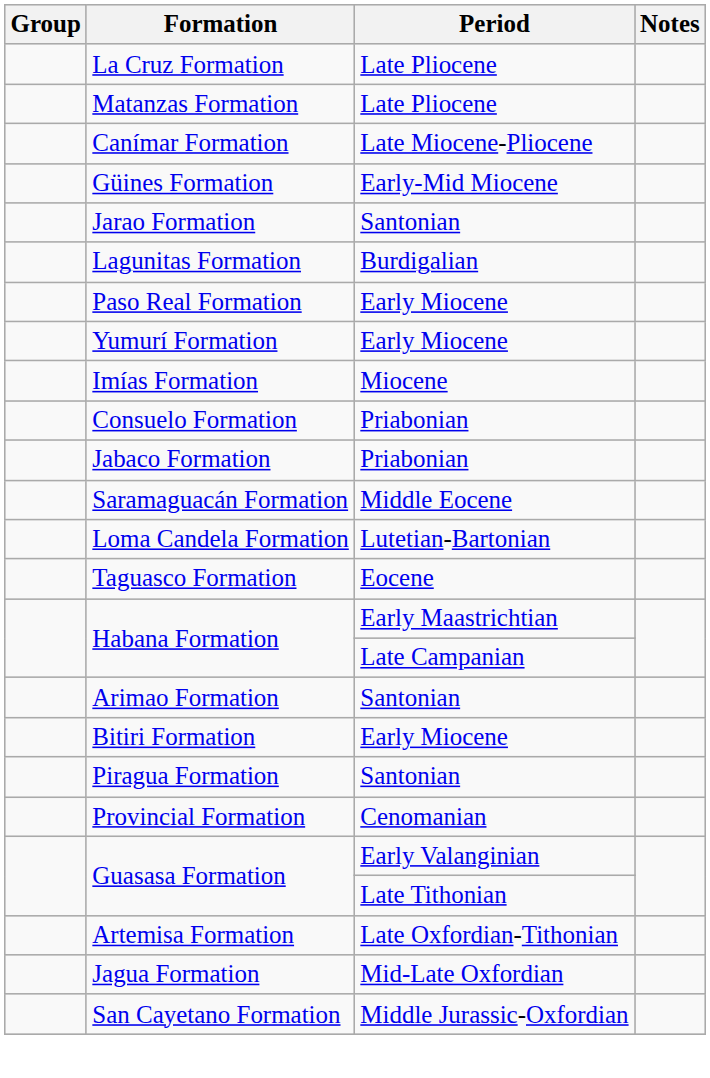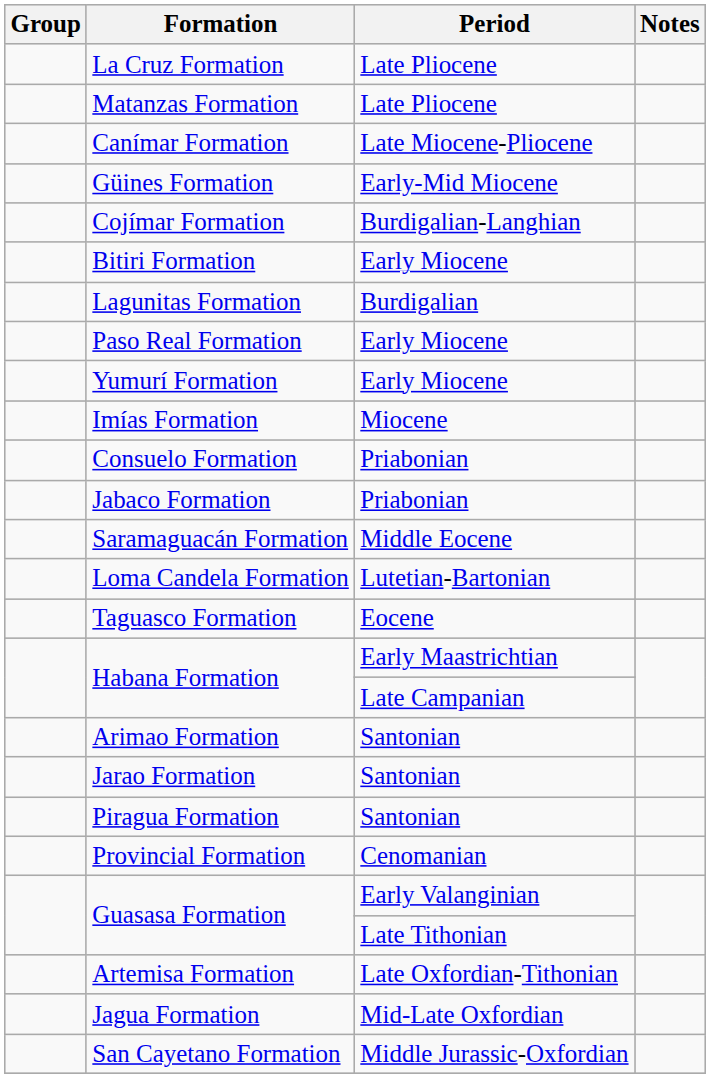 <table class="wikitable sortable">
 <tr>
 <th>Group</th>
 <th>Formation</th>
 <th>Period</th>
 <th class="unsortable">Notes</th>
 </tr>
 <tr>
 <td></td>
 <td><a href='#'>La Cruz Formation</a></td>
 <td style="background-color: "><a href='#'>Late Pliocene</a></td>
 <td align=center></td>
 </tr>
 <tr>
 <td></td>
 <td><a href='#'>Matanzas Formation</a></td>
 <td style="background-color: "><a href='#'>Late Pliocene</a></td>
 <td align=center></td>
 </tr>
 <tr>
 <td></td>
 <td><a href='#'>Canímar Formation</a></td>
 <td style="background-color: "><a href='#'>Late Miocene</a>-<a href='#'>Pliocene</a></td>
 <td align=center></td>
 </tr>
 <tr>
 <td></td>
 <td><a href='#'>Güines Formation</a></td>
 <td style="background-color: "><a href='#'>Early-Mid Miocene</a></td>
 <td align=center></td>
 </tr>
 <tr>
 <td></td>
-<td><a href='#'>Jarao Formation</a></td>
-<td style="background-color: "><a href='#'>Santonian</a></td>
+<td><a href='#'>Cojímar Formation</a></td>
+<td style="background-color: "><a href='#'>Burdigalian</a>-<a href='#'>Langhian</a></td>
+<td align=center></td>
+</tr>
+<tr>
+<td></td>
+<td><a href='#'>Bitiri Formation</a></td>
+<td style="background-color: "><a href='#'>Early Miocene</a></td>
 <td align=center></td>
 </tr>
 <tr>
 <td></td>
 <td><a href='#'>Lagunitas Formation</a></td>
 <td style="background-color: "><a href='#'>Burdigalian</a></td>
 <td align=center></td>
 </tr>
 <tr>
 <td></td>
 <td><a href='#'>Paso Real Formation</a></td>
 <td style="background-color: "><a href='#'>Early Miocene</a></td>
 <td align=center></td>
 </tr>
 <tr>
 <td></td>
 <td><a href='#'>Yumurí Formation</a></td>
 <td style="background-color: "><a href='#'>Early Miocene</a></td>
 <td align=center></td>
 </tr>
 <tr>
 <td></td>
 <td><a href='#'>Imías Formation</a></td>
 <td style="background-color: "><a href='#'>Miocene</a></td>
 <td align=center></td>
 </tr>
 <tr>
 <td></td>
 <td><a href='#'>Consuelo Formation</a></td>
 <td style="background-color: "><a href='#'>Priabonian</a></td>
 <td align=center></td>
 </tr>
 <tr>
 <td></td>
 <td><a href='#'>Jabaco Formation</a></td>
 <td style="background-color: "><a href='#'>Priabonian</a></td>
 <td align=center></td>
 </tr>
 <tr>
 <td></td>
 <td><a href='#'>Saramaguacán Formation</a></td>
 <td style="background-color: "><a href='#'>Middle Eocene</a></td>
 <td align=center></td>
 </tr>
 <tr>
 <td></td>
 <td><a href='#'>Loma Candela Formation</a></td>
 <td style="background-color: "><a href='#'>Lutetian</a>-<a href='#'>Bartonian</a></td>
 <td align=center></td>
 </tr>
 <tr>
 <td></td>
 <td><a href='#'>Taguasco Formation</a></td>
 <td style="background-color: "><a href='#'>Eocene</a></td>
 <td align=center></td>
 </tr>
 <tr>
 <td rowspan=2></td>
 <td rowspan=2><a href='#'>Habana Formation</a></td>
 <td style="background-color: "><a href='#'>Early Maastrichtian</a></td>
 <td align=center rowspan=2></td>
 </tr>
 <tr>
 <td style="background-color: "><a href='#'>Late Campanian</a></td>
 </tr>
 <tr>
 <td></td>
 <td><a href='#'>Arimao Formation</a></td>
 <td style="background-color: "><a href='#'>Santonian</a></td>
 <td align=center></td>
 </tr>
 <tr>
 <td></td>
-<td><a href='#'>Bitiri Formation</a></td>
-<td style="background-color: "><a href='#'>Early Miocene</a></td>
+<td><a href='#'>Jarao Formation</a></td>
+<td style="background-color: "><a href='#'>Santonian</a></td>
 <td align=center></td>
 </tr>
 <tr>
 <td></td>
 <td><a href='#'>Piragua Formation</a></td>
 <td style="background-color: "><a href='#'>Santonian</a></td>
 <td align=center></td>
 </tr>
 <tr>
 <td></td>
 <td><a href='#'>Provincial Formation</a></td>
 <td style="background-color: "><a href='#'>Cenomanian</a></td>
 <td align=center></td>
 </tr>
 <tr>
 <td rowspan=2></td>
 <td rowspan=2><a href='#'>Guasasa Formation</a></td>
 <td style="background-color: "><a href='#'>Early Valanginian</a></td>
 <td align=center rowspan=2></td>
 </tr>
 <tr>
 <td style="background-color: "><a href='#'>Late Tithonian</a></td>
 </tr>
 <tr>
 <td></td>
 <td><a href='#'>Artemisa Formation</a></td>
 <td style="background-color: "><a href='#'>Late Oxfordian</a>-<a href='#'>Tithonian</a></td>
 <td align=center></td>
 </tr>
 <tr>
 <td></td>
 <td><a href='#'>Jagua Formation</a></td>
 <td style="background-color: "><a href='#'>Mid-Late Oxfordian</a></td>
 <td align=center></td>
 </tr>
 <tr>
 <td></td>
 <td><a href='#'>San Cayetano Formation</a></td>
 <td style="background-color: "><a href='#'>Middle Jurassic</a>-<a href='#'>Oxfordian</a></td>
 <td align=center></td>
 </tr>
 <tr>
 </tr>
 </table>
